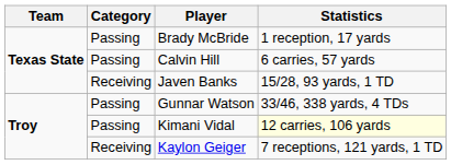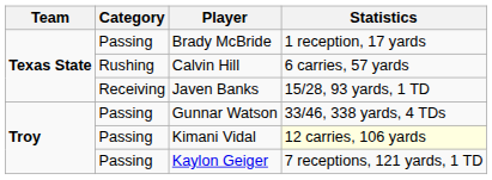 <table class="wikitable" style="float: left;">
 <tr>
 <th>Team</th>
 <th>Category</th>
 <th>Player</th>
 <th>Statistics</th>
 </tr>
 <tr>
 <td rowspan=3><strong>Texas State</strong></td>
 <td>Passing</td>
 <td>Brady McBride</td>
 <td>1 reception, 17 yards</td>
 </tr>
 <tr>
-<td>Passing</td>
+<td>Rushing</td>
 <td>Calvin Hill</td>
 <td>6 carries, 57 yards</td>
 </tr>
 <tr>
 <td>Receiving</td>
 <td>Javen Banks</td>
 <td>15/28, 93 yards, 1 TD</td>
 </tr>
 <tr>
 <td rowspan=3><strong>Troy</strong></td>
 <td>Passing</td>
 <td>Gunnar Watson</td>
 <td>33/46, 338 yards, 4 TDs</td>
 </tr>
 <tr>
 <td>Passing</td>
 <td>Kimani Vidal</td>
 <td style="background: lightyellow;">12 carries, 106 yards</td>
 </tr>
 <tr>
-<td>Receiving</td>
+<td>Passing</td>
 <td><a href='#'>Kaylon Geiger</a></td>
 <td>7 receptions, 121 yards, 1 TD</td>
 </tr>
 </table>
